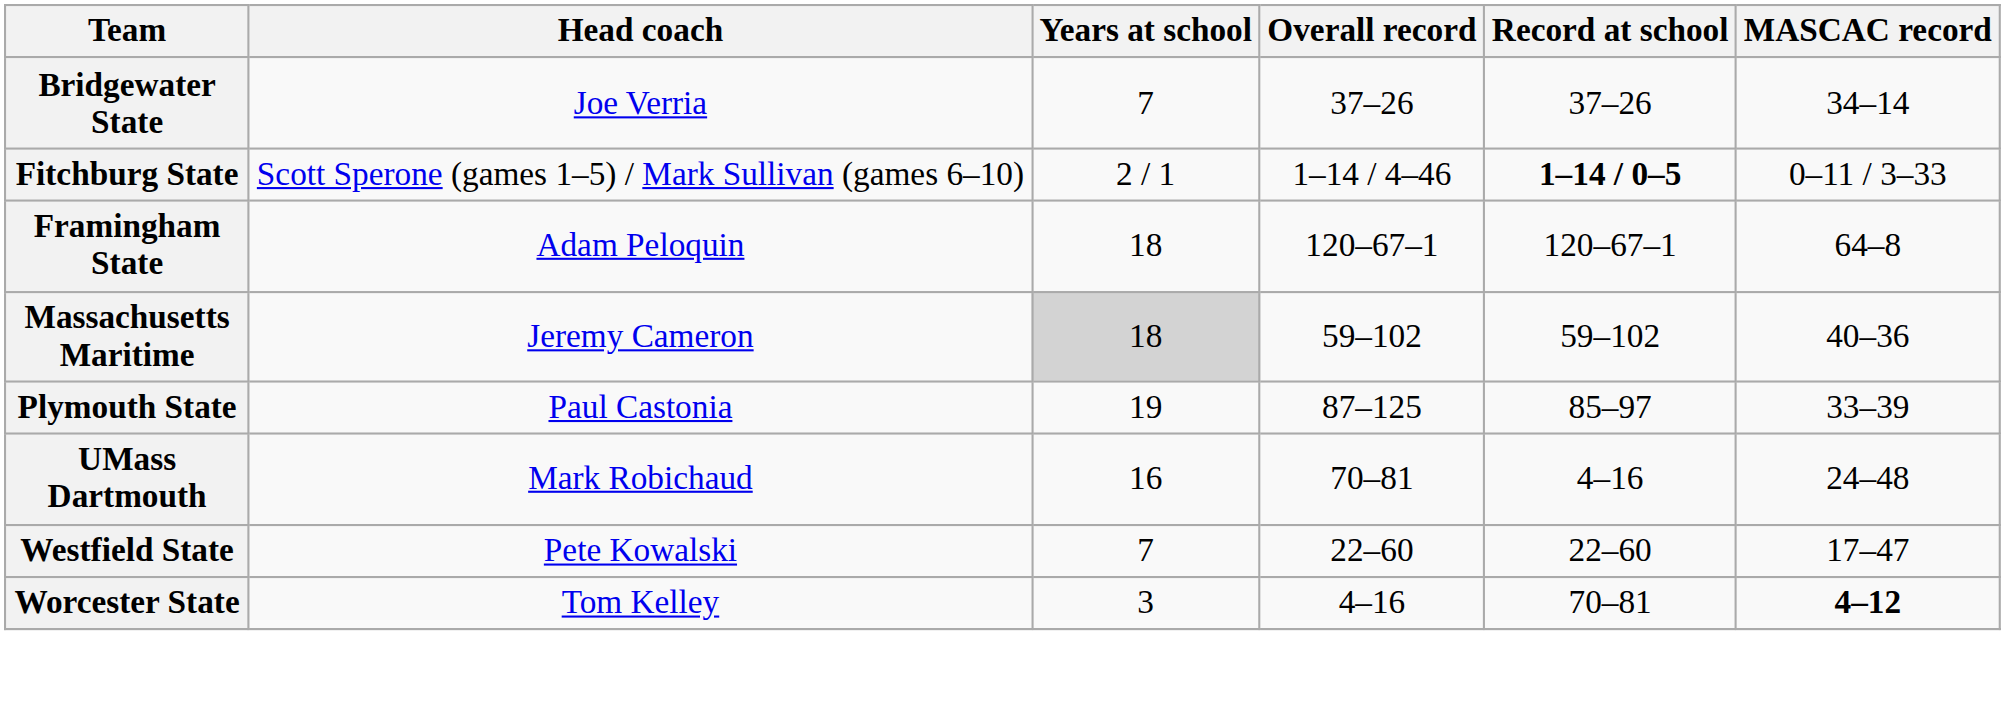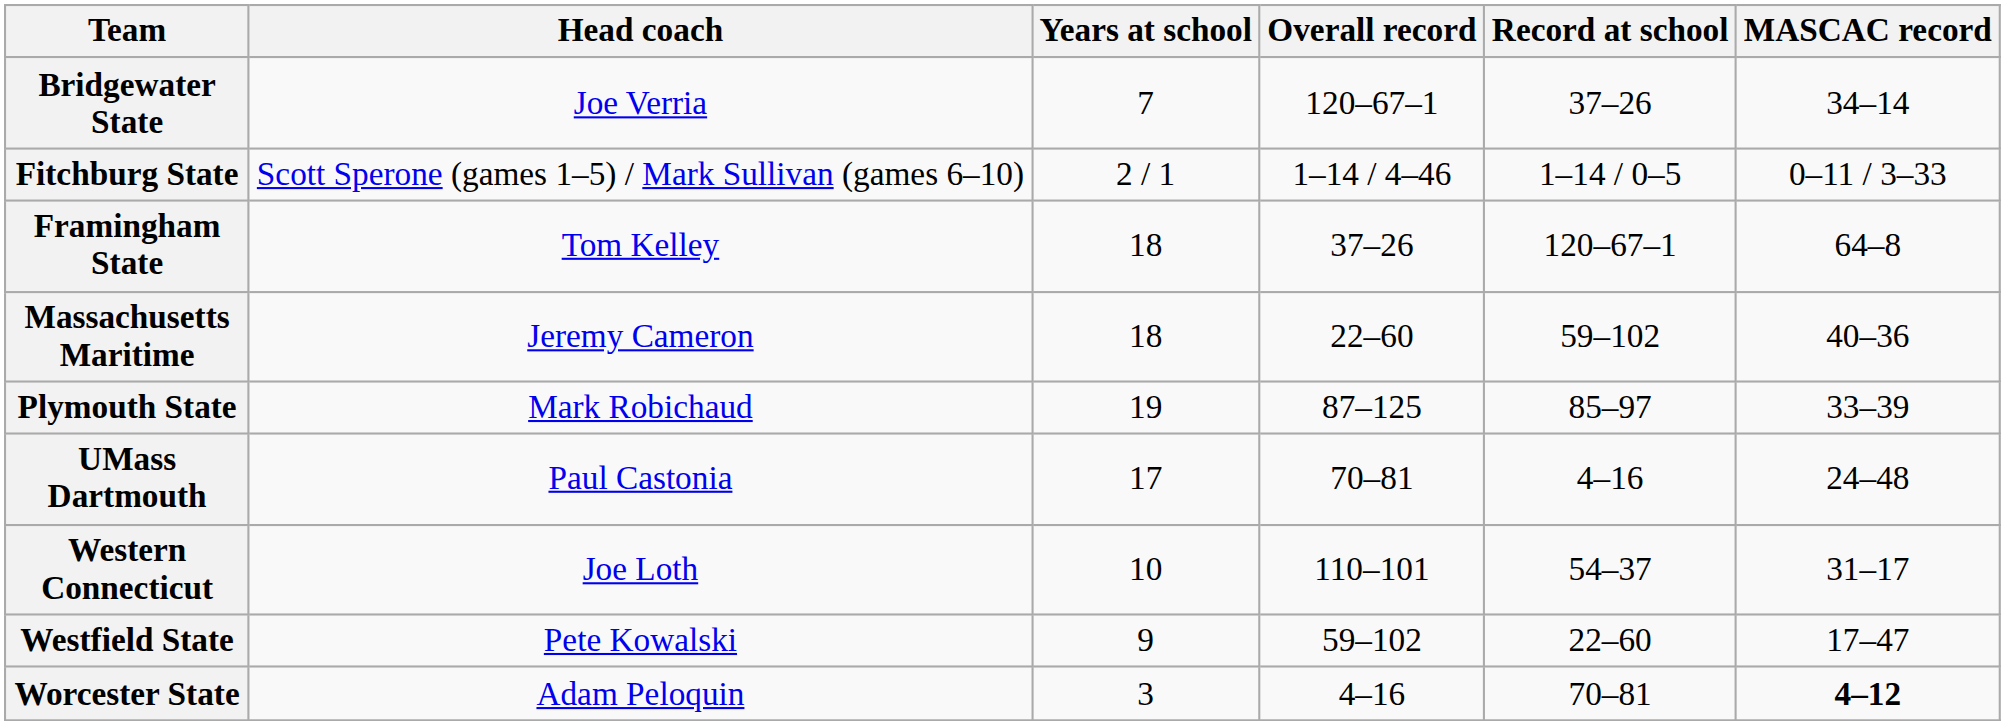 <table class="wikitable sortable" style="text-align: center;">
 <tr>
 <th style="width:110px;">Team</th>
 <th>Head coach</th>
 <th>Years at school</th>
 <th>Overall record</th>
 <th>Record at school</th>
 <th>MASCAC record</th>
 </tr>
 <tr>
 <th>Bridgewater State</th>
 <td><a href='#'>Joe Verria</a></td>
 <td>7</td>
-<td>37–26</td>
+<td>120–67–1</td>
 <td>37–26</td>
 <td>34–14</td>
 </tr>
 <tr>
 <th>Fitchburg State</th>
 <td><a href='#'>Scott Sperone</a> (games 1–5) / <a href='#'>Mark Sullivan</a> (games 6–10)</td>
 <td>2 / 1</td>
 <td>1–14 / 4–46</td>
-<td><strong>1–14 / 0–5</strong></td>
+<td>1–14 / 0–5</td>
 <td>0–11 / 3–33</td>
 </tr>
 <tr>
 <th>Framingham State</th>
-<td><a href='#'>Adam Peloquin</a></td>
+<td><a href='#'>Tom Kelley</a></td>
 <td>18</td>
-<td>120–67–1</td>
+<td>37–26</td>
 <td>120–67–1</td>
 <td>64–8</td>
 </tr>
 <tr>
 <th>Massachusetts Maritime</th>
 <td><a href='#'>Jeremy Cameron</a></td>
-<td style="background: lightgrey;">18</td>
-<td>59–102</td>
+<td>18</td>
+<td>22–60</td>
 <td>59–102</td>
 <td>40–36</td>
 </tr>
 <tr>
 <th>Plymouth State</th>
-<td><a href='#'>Paul Castonia</a></td>
+<td><a href='#'>Mark Robichaud</a></td>
 <td>19</td>
 <td>87–125</td>
 <td>85–97</td>
 <td>33–39</td>
 </tr>
 <tr>
 <th>UMass Dartmouth</th>
-<td><a href='#'>Mark Robichaud</a></td>
-<td>16</td>
+<td><a href='#'>Paul Castonia</a></td>
+<td>17</td>
 <td>70–81</td>
 <td>4–16</td>
 <td>24–48</td>
 </tr>
 <tr>
+<th>Western Connecticut</th>
+<td><a href='#'>Joe Loth</a></td>
+<td>10</td>
+<td>110–101</td>
+<td>54–37</td>
+<td>31–17</td>
+</tr>
+<tr>
 <th>Westfield State</th>
 <td><a href='#'>Pete Kowalski</a></td>
-<td>7</td>
-<td>22–60</td>
+<td>9</td>
+<td>59–102</td>
 <td>22–60</td>
 <td>17–47</td>
 </tr>
 <tr>
 <th>Worcester State</th>
-<td><a href='#'>Tom Kelley</a></td>
+<td><a href='#'>Adam Peloquin</a></td>
 <td>3</td>
 <td>4–16</td>
 <td>70–81</td>
 <td><strong>4–12</strong></td>
 </tr>
 <tr>
 </tr>
 </table>
